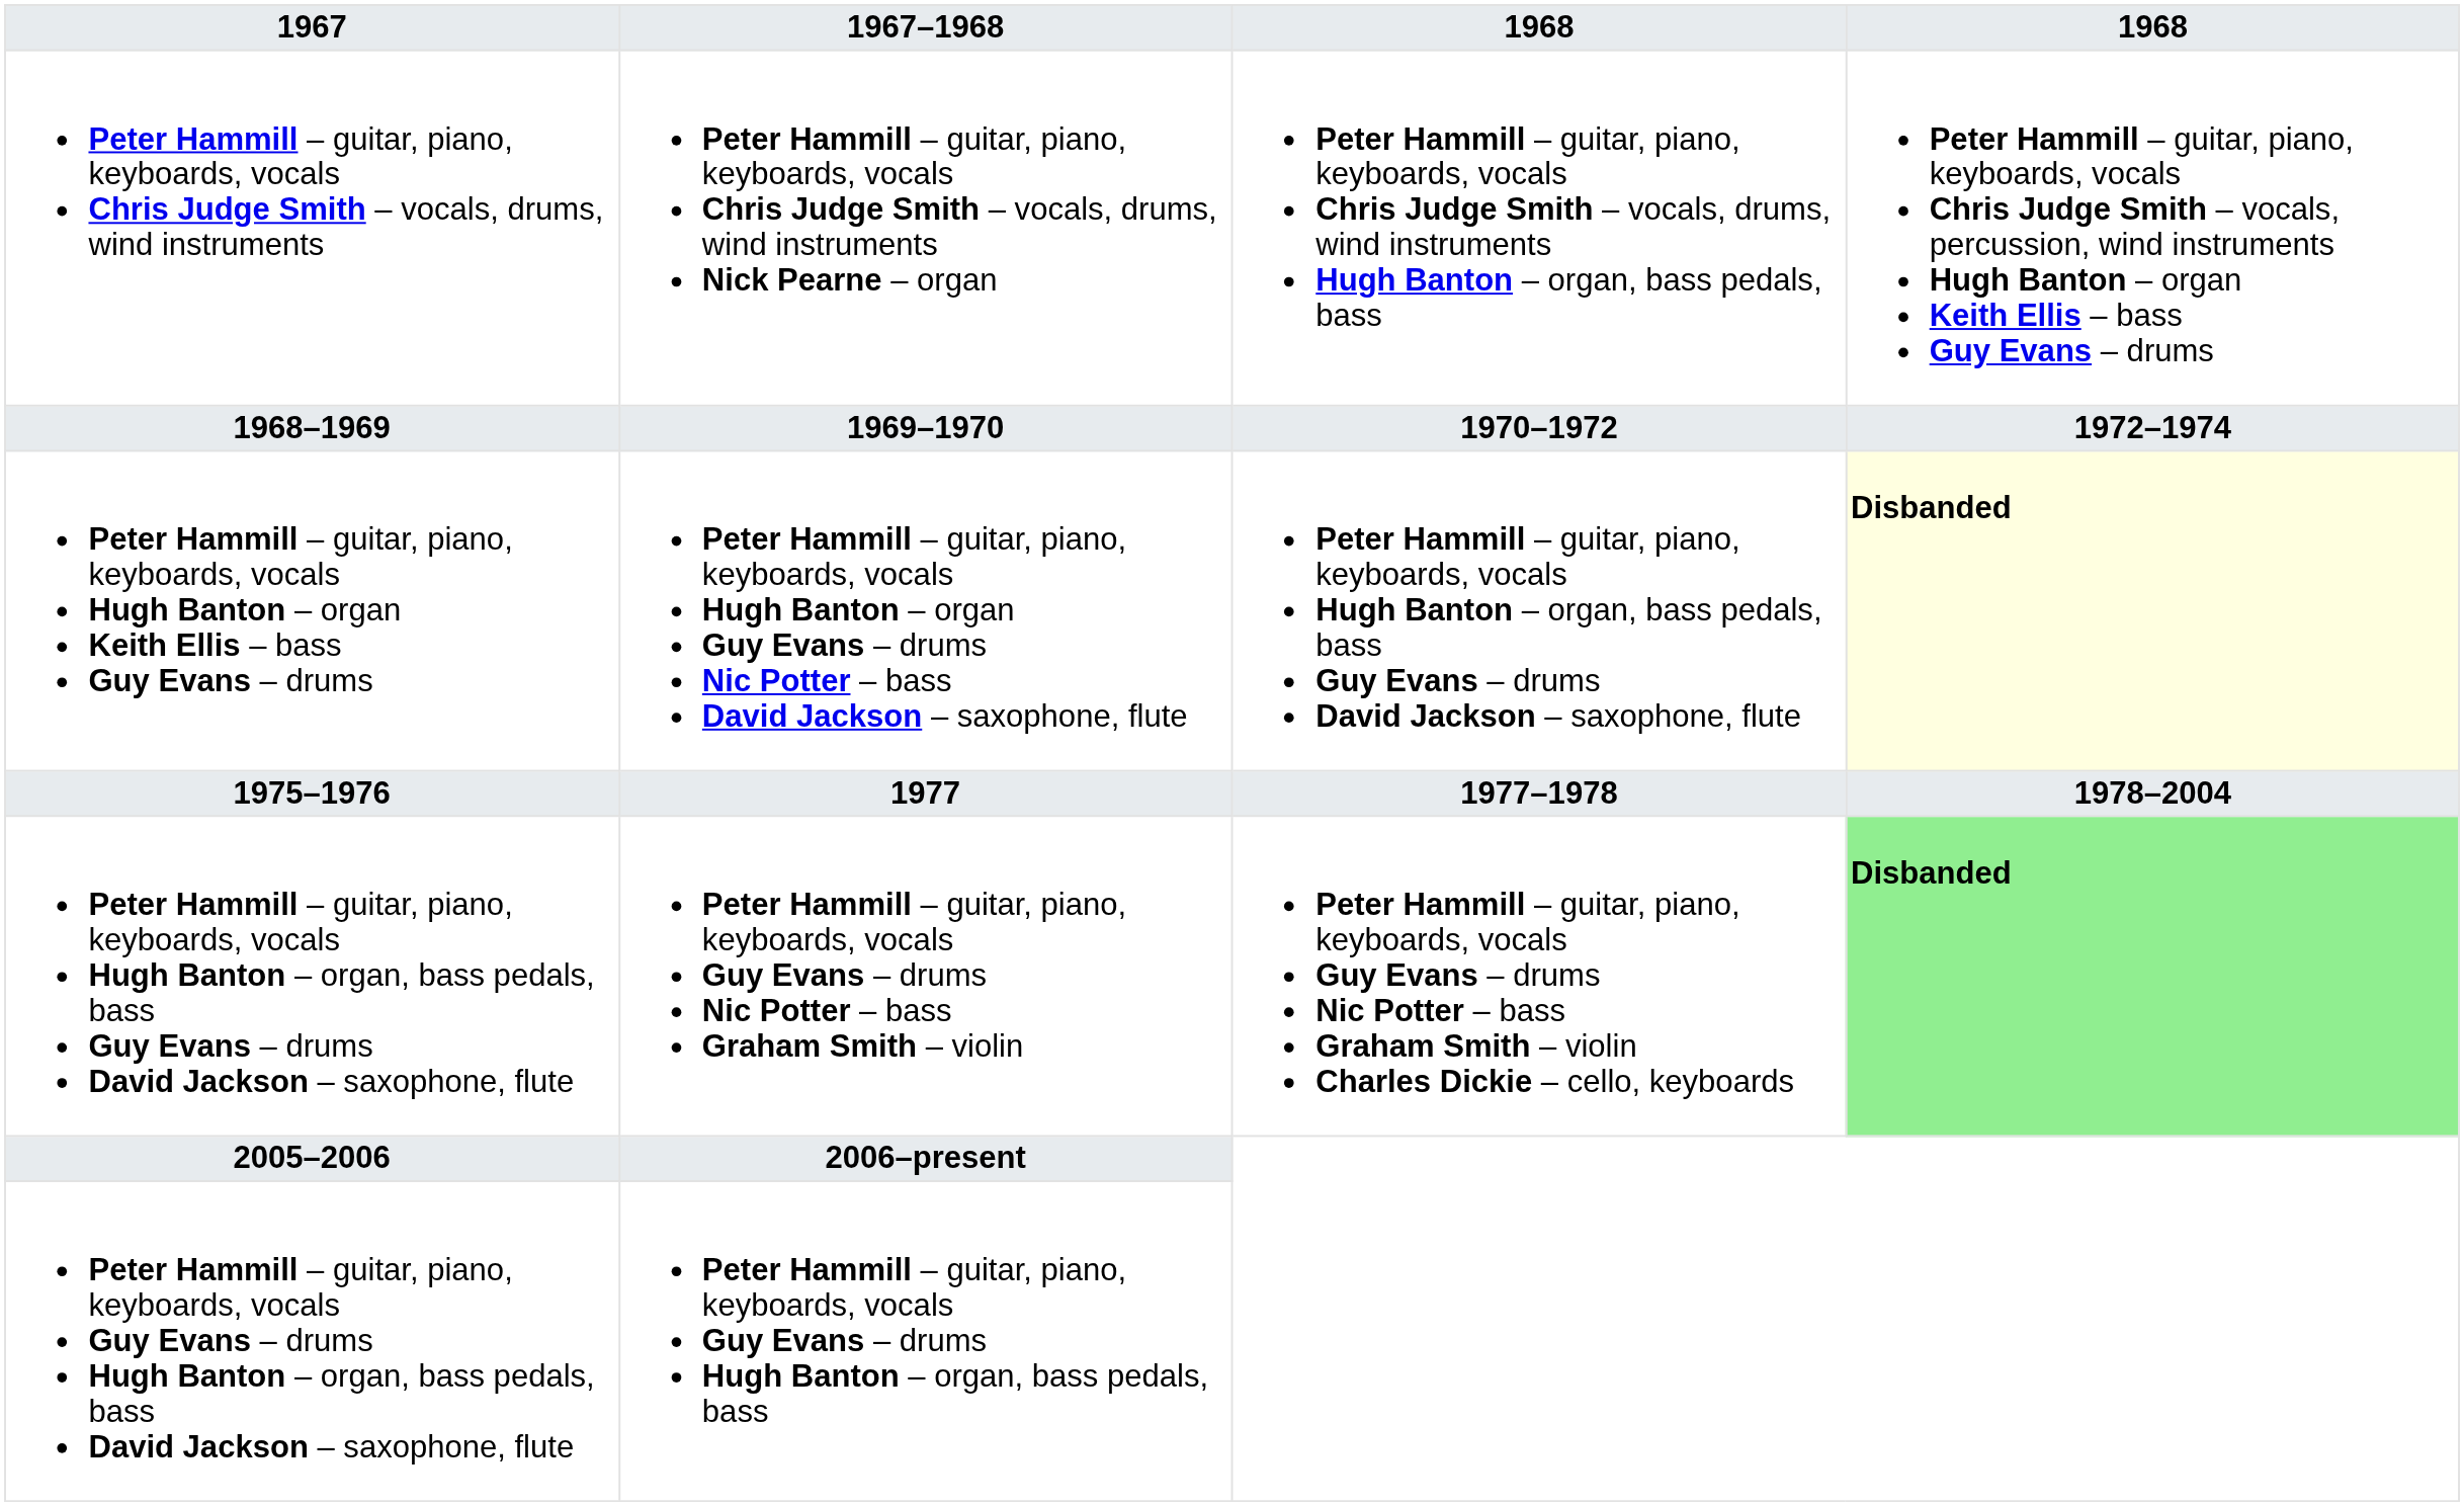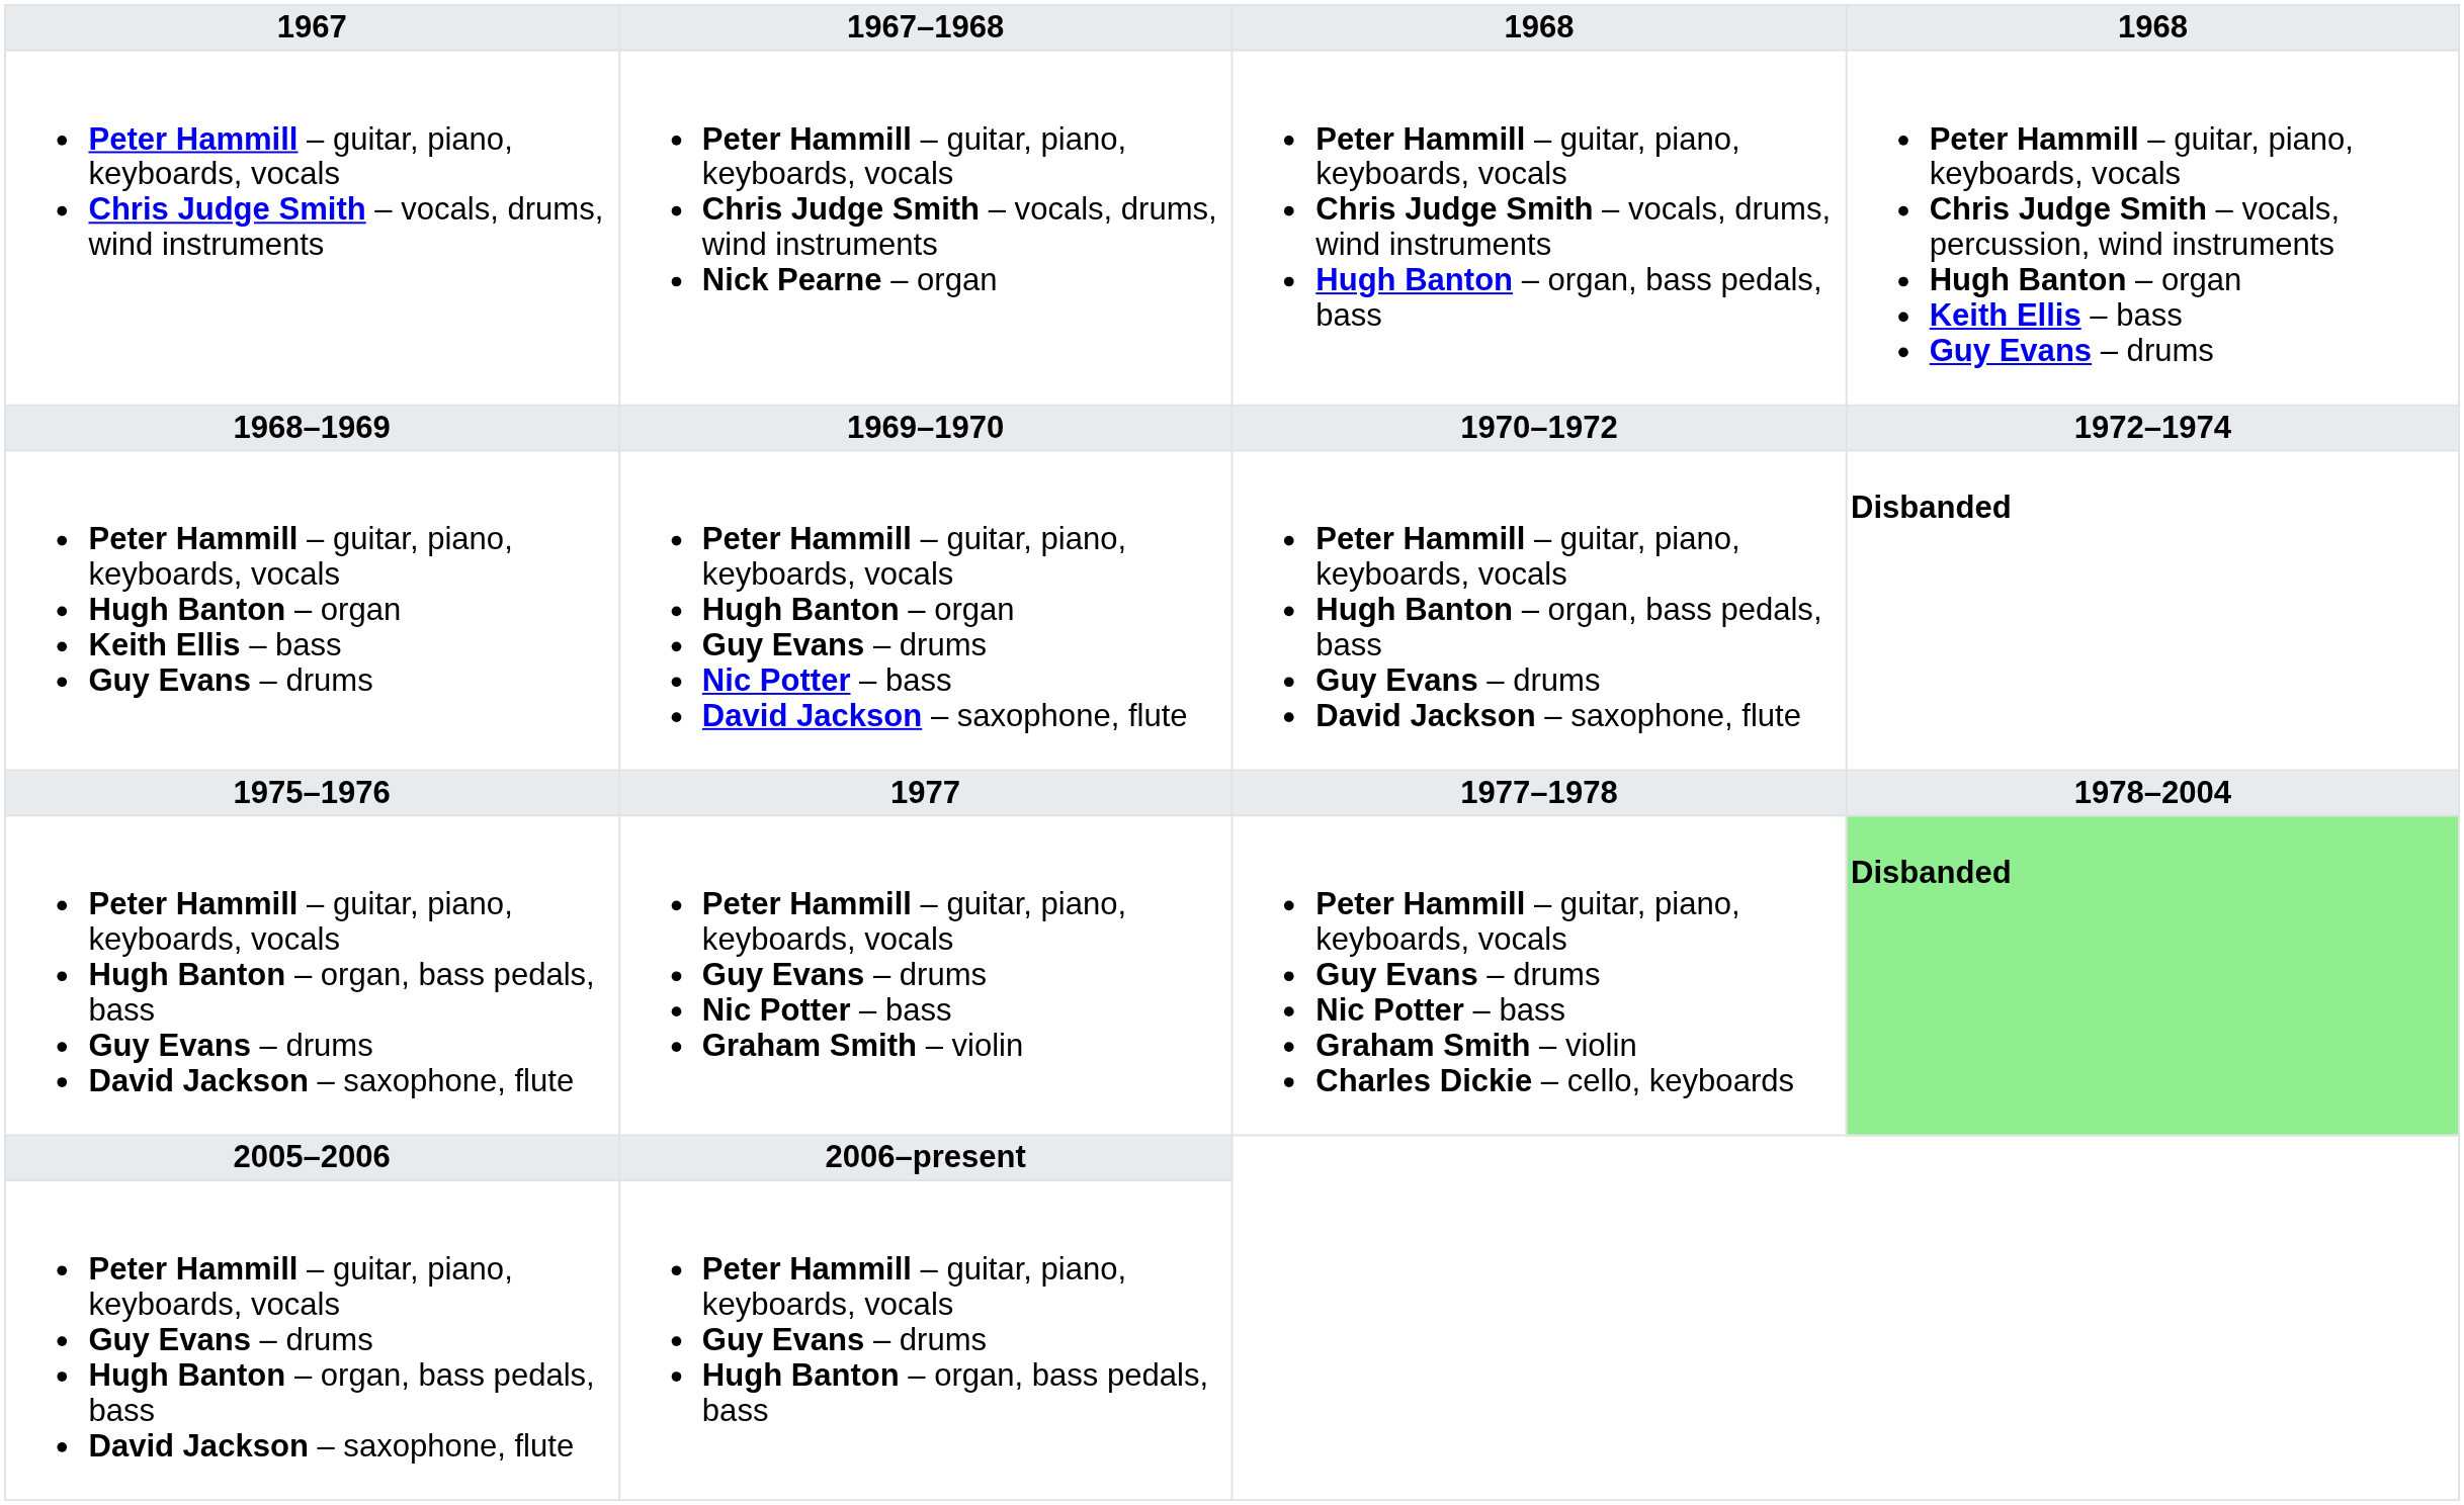 <table class="toccolours" border="1" cellpadding="2" cellspacing="0"  style="float:width:375px; margin:0 0 1em 1em; border-collapse:collapse; border:1px solid #e2e2e2; width:99%;">
 <tr>
 <th style="vertical-align:top; background:#e7ebee; width:25%;">1967</th>
 <th style="vertical-align:top; background:#e7ebee; width:25%;">1967–1968</th>
 <th style="vertical-align:top; background:#e7ebee; width:25%;">1968</th>
 <th style="vertical-align:top; background:#e7ebee; width:25%;">1968</th>
 </tr>
 <tr>
 <td valign=top><br><ul><li><strong><a href='#'>Peter Hammill</a></strong> – guitar, piano, keyboards, vocals</li><li><strong><a href='#'>Chris Judge Smith</a></strong> – vocals, drums, wind instruments</li></ul></td>
 <td valign=top><br><ul><li><strong>Peter Hammill</strong> – guitar, piano, keyboards, vocals</li><li><strong>Chris Judge Smith</strong> – vocals, drums, wind instruments</li><li><strong>Nick Pearne</strong> – organ</li></ul></td>
 <td valign=top><br><ul><li><strong>Peter Hammill</strong> – guitar, piano, keyboards, vocals</li><li><strong>Chris Judge Smith</strong> – vocals, drums, wind instruments</li><li><strong><a href='#'>Hugh Banton</a></strong> – organ, bass pedals, bass</li></ul></td>
 <td valign=top><br><ul><li><strong>Peter Hammill</strong> – guitar, piano, keyboards, vocals</li><li><strong>Chris Judge Smith</strong> – vocals, percussion, wind instruments</li><li><strong>Hugh Banton</strong> – organ</li><li><strong><a href='#'>Keith Ellis</a></strong> – bass</li><li><strong><a href='#'>Guy Evans</a></strong> – drums</li></ul></td>
 </tr>
 <tr>
 <th style="vertical-align:top; background:#e7ebee; width:25%;">1968–1969</th>
 <th style="vertical-align:top; background:#e7ebee; width:25%;">1969–1970</th>
 <th style="vertical-align:top; background:#e7ebee; width:25%;">1970–1972</th>
 <th style="vertical-align:top; background:#e7ebee; width:25%;">1972–1974</th>
 </tr>
 <tr>
 <td valign=top><br><ul><li><strong>Peter Hammill</strong> – guitar, piano, keyboards, vocals</li><li><strong>Hugh Banton</strong> – organ</li><li><strong>Keith Ellis</strong> – bass</li><li><strong>Guy Evans</strong> – drums</li></ul></td>
 <td valign=top><br><ul><li><strong>Peter Hammill</strong> – guitar, piano, keyboards, vocals</li><li><strong>Hugh Banton</strong> – organ</li><li><strong>Guy Evans</strong> – drums</li><li><strong><a href='#'>Nic Potter</a></strong> – bass</li><li><strong><a href='#'>David Jackson</a></strong> – saxophone, flute</li></ul></td>
 <td valign=top><br><ul><li><strong>Peter Hammill</strong> – guitar, piano, keyboards, vocals</li><li><strong>Hugh Banton</strong> – organ, bass pedals, bass</li><li><strong>Guy Evans</strong> – drums</li><li><strong>David Jackson</strong> – saxophone, flute</li></ul></td>
-<td valign=top style="background: lightyellow;"><br><strong>Disbanded</strong></td>
+<td valign=top><br><strong>Disbanded</strong></td>
 </tr>
 <tr>
 <th style="vertical-align:top; background:#e7ebee; width:25%;">1975–1976</th>
 <th style="vertical-align:top; background:#e7ebee; width:25%;">1977</th>
 <th style="vertical-align:top; background:#e7ebee; width:25%;">1977–1978</th>
 <th style="vertical-align:top; background:#e7ebee; width:25%;">1978–2004</th>
 </tr>
 <tr>
 <td valign=top><br><ul><li><strong>Peter Hammill</strong> – guitar, piano, keyboards, vocals</li><li><strong>Hugh Banton</strong> – organ, bass pedals, bass</li><li><strong>Guy Evans</strong> – drums</li><li><strong>David Jackson</strong> – saxophone, flute</li></ul></td>
 <td valign=top><br><ul><li><strong>Peter Hammill</strong> – guitar, piano, keyboards, vocals</li><li><strong>Guy Evans</strong> – drums</li><li><strong>Nic Potter</strong> – bass</li><li><strong>Graham Smith</strong> – violin</li></ul></td>
 <td valign=top><br><ul><li><strong>Peter Hammill</strong> – guitar, piano, keyboards, vocals</li><li><strong>Guy Evans</strong> – drums</li><li><strong>Nic Potter</strong> – bass</li><li><strong>Graham Smith</strong> – violin</li><li><strong>Charles Dickie</strong> – cello, keyboards</li></ul></td>
 <td valign=top style="background: lightgreen;"><br><strong>Disbanded</strong></td>
 </tr>
 <tr>
 <th style="vertical-align:top; background:#e7ebee; width:25%;">2005–2006</th>
 <th style="vertical-align:top; background:#e7ebee; width:25%;">2006–present</th>
 </tr>
 <tr>
 <td valign=top><br><ul><li><strong>Peter Hammill</strong> – guitar, piano, keyboards, vocals</li><li><strong>Guy Evans</strong> – drums</li><li><strong>Hugh Banton</strong> – organ, bass pedals, bass</li><li><strong>David Jackson</strong> – saxophone, flute</li></ul></td>
 <td valign=top><br><ul><li><strong>Peter Hammill</strong> – guitar, piano, keyboards, vocals</li><li><strong>Guy Evans</strong> – drums</li><li><strong>Hugh Banton</strong> – organ, bass pedals, bass</li></ul></td>
 </tr>
 </table>
